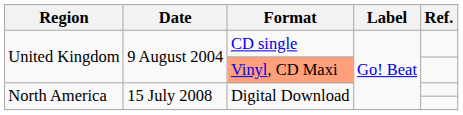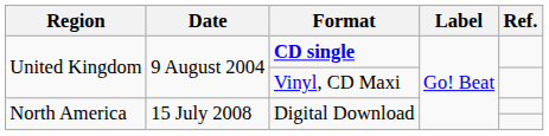 <table class="wikitable plainrowheaders">
 <tr>
 <th scope="col">Region</th>
 <th scope="col">Date</th>
 <th scope="col">Format</th>
 <th scope="col">Label</th>
 <th scope="col">Ref.</th>
 </tr>
 <tr>
 <td rowspan="2">United Kingdom</td>
 <td rowspan="2">9 August 2004</td>
-<td><a href='#'>CD single</a></td>
+<td><strong><a href='#'>CD single</a></strong></td>
 <td rowspan="4"><a href='#'>Go! Beat</a></td>
 <td></td>
 </tr>
 <tr>
-<td style="background: lightsalmon;"><a href='#'>Vinyl</a>, CD Maxi</td>
+<td><a href='#'>Vinyl</a>, CD Maxi</td>
 <td align="center"></td>
 </tr>
 <tr>
 <td rowspan="2">North America</td>
 <td rowspan="2">15 July 2008</td>
 <td rowspan="2">Digital Download</td>
 <td align="center"></td>
 </tr>
 <tr>
 <td align="center"></td>
 </tr>
 </table>
